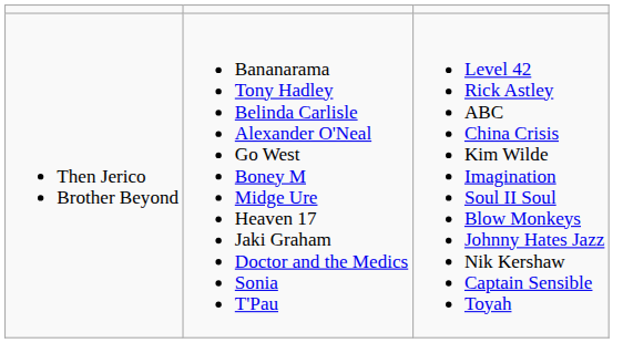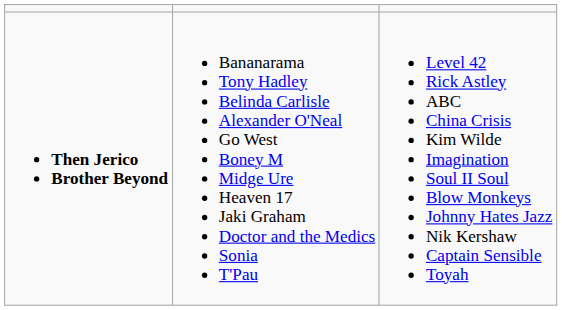 <table class="wikitable">
 <tr>
 <td></td>
 <td></td>
 <td></td>
 </tr>
 <tr>
-<td><br><ul><li>Then Jerico</li><li>Brother Beyond</li></ul></td>
+<td><strong><br><ul><li>Then Jerico</li><li>Brother Beyond</li></ul></strong></td>
 <td><br><ul><li>Bananarama</li><li><a href='#'>Tony Hadley</a></li><li><a href='#'>Belinda Carlisle</a></li><li><a href='#'>Alexander O'Neal</a></li><li>Go West</li><li><a href='#'>Boney M</a></li><li><a href='#'>Midge Ure</a></li><li>Heaven 17</li><li>Jaki Graham</li><li><a href='#'>Doctor and the Medics</a></li><li><a href='#'>Sonia</a></li><li><a href='#'>T'Pau</a></li></ul></td>
 <td><br><ul><li><a href='#'>Level 42</a></li><li><a href='#'>Rick Astley</a></li><li>ABC</li><li><a href='#'>China Crisis</a></li><li>Kim Wilde</li><li><a href='#'>Imagination</a></li><li><a href='#'>Soul II Soul</a></li><li><a href='#'>Blow Monkeys</a></li><li><a href='#'>Johnny Hates Jazz</a></li><li>Nik Kershaw</li><li><a href='#'>Captain Sensible</a></li><li><a href='#'>Toyah</a></li></ul></td>
 </tr>
 </table>
